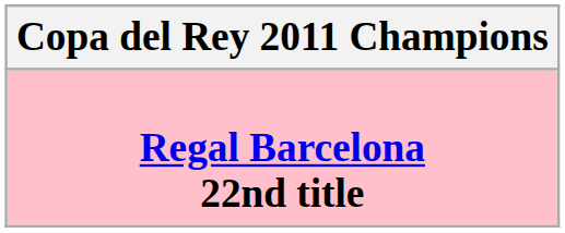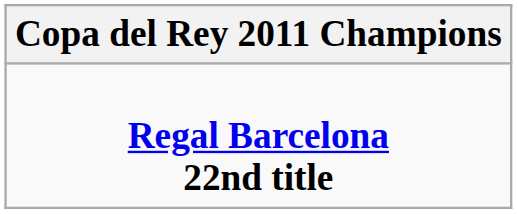 <table class=wikitable style="text-align:center; margin:auto">
 <tr>
 <th>Copa del Rey 2011 Champions</th>
 </tr>
 <tr>
-<td style="background: pink;"><br> <strong><a href='#'>Regal Barcelona</a></strong> <br> <strong>22nd title</strong></td>
+<td><br> <strong><a href='#'>Regal Barcelona</a></strong> <br> <strong>22nd title</strong></td>
 </tr>
 </table>
